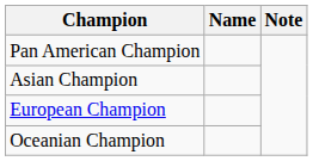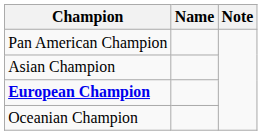 <table class="wikitable">
 <tr>
 <th>Champion</th>
 <th>Name</th>
 <th>Note</th>
 </tr>
 <tr>
 <td>Pan American Champion</td>
 <td></td>
 </tr>
 <tr>
 <td>Asian Champion</td>
 <td></td>
 </tr>
 <tr>
-<td><a href='#'>European Champion</a></td>
+<td><strong><a href='#'>European Champion</a></strong></td>
 <td></td>
 </tr>
 <tr>
 <td>Oceanian Champion</td>
 <td></td>
 </tr>
 </table>
